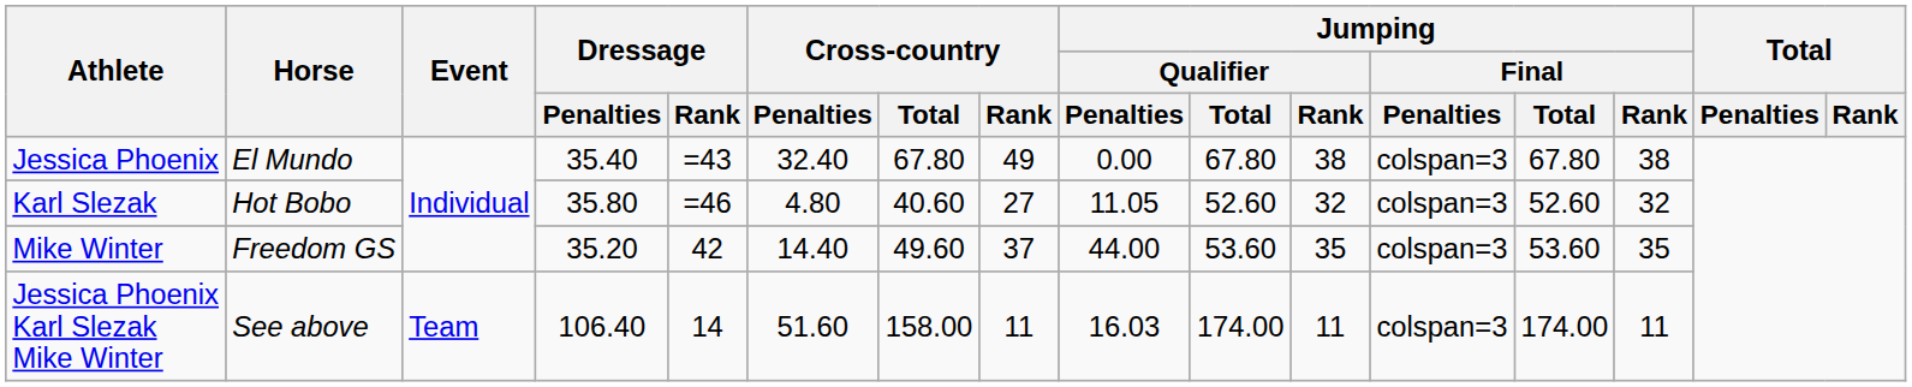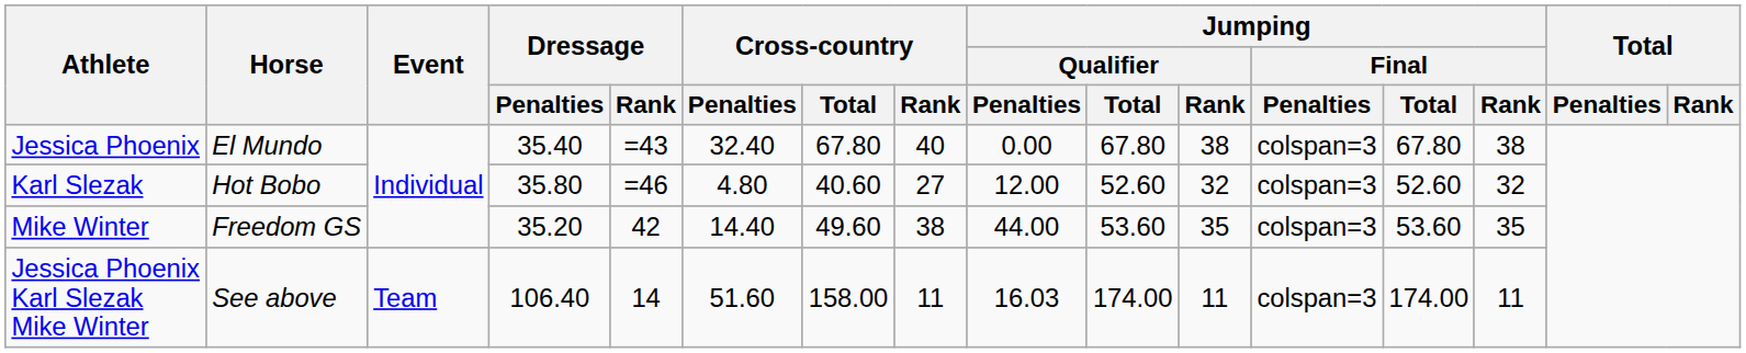 <table class=wikitable style=font-size:90%;text-align:center>
 <tr>
 <th rowspan="3">Athlete</th>
 <th rowspan="3">Horse</th>
 <th rowspan="3">Event</th>
 <th colspan="2" rowspan="2">Dressage</th>
 <th colspan="3" rowspan="2">Cross-country</th>
 <th colspan="6">Jumping</th>
 <th colspan="2" rowspan="2">Total</th>
 </tr>
 <tr style="font-size:95%">
 <th colspan="3">Qualifier</th>
 <th colspan="3">Final</th>
 </tr>
 <tr style="font-size:95%">
 <th>Penalties</th>
 <th>Rank</th>
 <th>Penalties</th>
 <th>Total</th>
 <th>Rank</th>
 <th>Penalties</th>
 <th>Total</th>
 <th>Rank</th>
 <th>Penalties</th>
 <th>Total</th>
 <th>Rank</th>
 <th>Penalties</th>
 <th>Rank</th>
 </tr>
 <tr>
 <td align=left><a href='#'>Jessica Phoenix</a></td>
 <td align=left><em>El Mundo</em></td>
 <td rowspan=3 align=left><a href='#'>Individual</a></td>
 <td>35.40</td>
 <td>=43</td>
 <td>32.40</td>
 <td>67.80</td>
-<td>49</td>
+<td>40</td>
 <td>0.00</td>
 <td>67.80</td>
 <td>38</td>
 <td>colspan=3 </td>
 <td>67.80</td>
 <td>38</td>
 </tr>
 <tr>
 <td align=left><a href='#'>Karl Slezak</a></td>
 <td align=left><em>Hot Bobo</em></td>
 <td>35.80</td>
 <td>=46</td>
 <td>4.80</td>
 <td>40.60</td>
 <td>27</td>
-<td>11.05</td>
+<td>12.00</td>
 <td>52.60</td>
 <td>32</td>
 <td>colspan=3 </td>
 <td>52.60</td>
 <td>32</td>
 </tr>
 <tr>
 <td align=left><a href='#'>Mike Winter</a></td>
 <td align=left><em>Freedom GS</em></td>
 <td>35.20</td>
 <td>42</td>
 <td>14.40</td>
 <td>49.60</td>
-<td>37</td>
+<td>38</td>
 <td>44.00</td>
 <td>53.60</td>
 <td>35</td>
 <td>colspan=3 </td>
 <td>53.60</td>
 <td>35</td>
 </tr>
 <tr>
 <td align=left><a href='#'>Jessica Phoenix</a><br><a href='#'>Karl Slezak</a><br><a href='#'>Mike Winter</a></td>
 <td align=left><em>See above</em></td>
 <td align=left><a href='#'>Team</a></td>
 <td>106.40</td>
 <td>14</td>
 <td>51.60</td>
 <td>158.00</td>
 <td>11</td>
 <td>16.03</td>
 <td>174.00</td>
 <td>11</td>
 <td>colspan=3 </td>
 <td>174.00</td>
 <td>11</td>
 </tr>
 </table>
